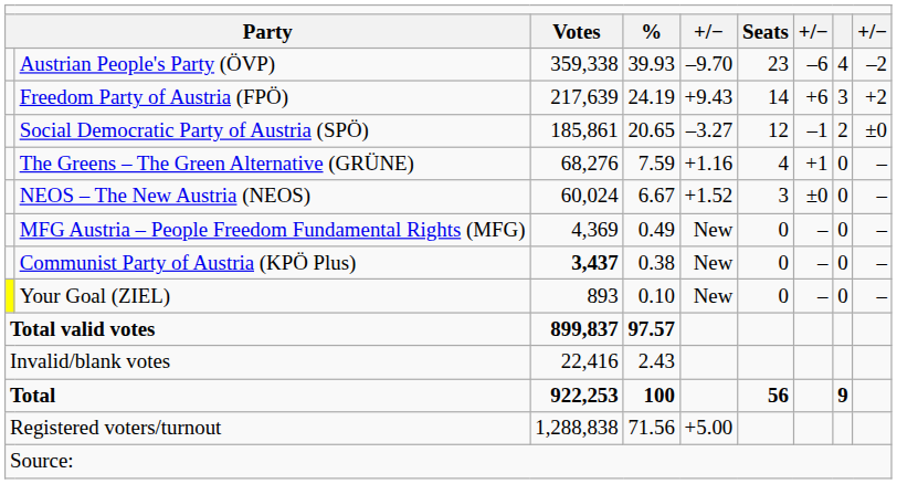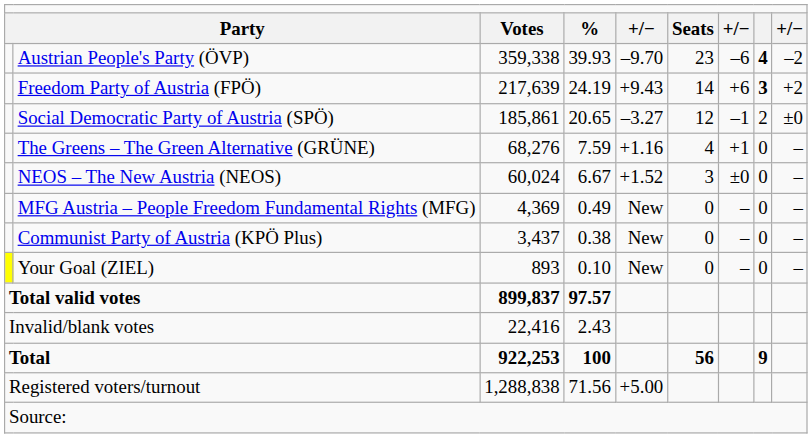 <table class=wikitable style=text-align:right>
 <tr>
 <td align=center colspan=9></td>
 </tr>
 <tr>
 <th colspan=2>Party</th>
 <th>Votes</th>
 <th>%</th>
 <th>+/−</th>
 <th>Seats</th>
 <th>+/−</th>
 <th></th>
 <th>+/−</th>
 </tr>
 <tr>
 <td bgcolor=></td>
 <td align=left><a href='#'>Austrian People's Party</a> (ÖVP)</td>
 <td>359,338</td>
 <td>39.93</td>
 <td>–9.70</td>
 <td>23</td>
 <td>–6</td>
-<td>4</td>
+<td><strong>4</strong></td>
 <td>–2</td>
 </tr>
 <tr>
 <td></td>
 <td align="left"><a href='#'>Freedom Party of Austria</a> (FPÖ)</td>
 <td>217,639</td>
 <td>24.19</td>
 <td>+9.43</td>
 <td>14</td>
 <td>+6</td>
-<td>3</td>
+<td><strong>3</strong></td>
 <td>+2</td>
 </tr>
 <tr>
 <td></td>
 <td align="left"><a href='#'>Social Democratic Party of Austria</a> (SPÖ)</td>
 <td>185,861</td>
 <td>20.65</td>
 <td>–3.27</td>
 <td>12</td>
 <td>–1</td>
 <td>2</td>
 <td>±0</td>
 </tr>
 <tr>
 <td bgcolor=></td>
 <td align=left><a href='#'>The Greens – The Green Alternative</a> (GRÜNE)</td>
 <td>68,276</td>
 <td>7.59</td>
 <td>+1.16</td>
 <td>4</td>
 <td>+1</td>
 <td>0</td>
 <td>–</td>
 </tr>
 <tr>
 <td bgcolor=></td>
 <td align=left><a href='#'>NEOS – The New Austria</a> (NEOS)</td>
 <td>60,024</td>
 <td>6.67</td>
 <td>+1.52</td>
 <td>3</td>
 <td>±0</td>
 <td>0</td>
 <td>–</td>
 </tr>
 <tr>
 <td bgcolor=></td>
 <td align=left><a href='#'>MFG Austria – People Freedom Fundamental Rights</a> (MFG)</td>
 <td>4,369</td>
 <td>0.49</td>
 <td>New</td>
 <td>0</td>
 <td>–</td>
 <td>0</td>
 <td>–</td>
 </tr>
 <tr>
 <td bgcolor=></td>
 <td align=left><a href='#'>Communist Party of Austria</a> (KPÖ Plus)</td>
-<td><strong>3,437</strong></td>
+<td>3,437</td>
 <td>0.38</td>
 <td>New</td>
 <td>0</td>
 <td>–</td>
 <td>0</td>
 <td>–</td>
 </tr>
 <tr>
 <td bgcolor=FFFF00></td>
 <td align=left>Your Goal (ZIEL)</td>
 <td>893</td>
 <td>0.10</td>
 <td>New</td>
 <td>0</td>
 <td>–</td>
 <td>0</td>
 <td>–</td>
 </tr>
 <tr>
 <td colspan=2 align=left><strong>Total valid votes</strong></td>
 <td><strong>899,837</strong></td>
 <td><strong>97.57</strong></td>
 <td></td>
 <td></td>
 <td></td>
 <td></td>
 <td></td>
 </tr>
 <tr>
 <td colspan=2 align=left>Invalid/blank votes</td>
 <td>22,416</td>
 <td>2.43</td>
 <td></td>
 <td></td>
 <td></td>
 <td></td>
 <td></td>
 </tr>
 <tr>
 <td colspan=2 align=left><strong>Total</strong></td>
 <td><strong>922,253</strong></td>
 <td><strong>100</strong></td>
 <td></td>
 <td><strong>56</strong></td>
 <td></td>
 <td><strong>9</strong></td>
 <td></td>
 </tr>
 <tr>
 <td align=left colspan=2>Registered voters/turnout</td>
 <td>1,288,838</td>
 <td>71.56</td>
 <td>+5.00</td>
 <td></td>
 <td></td>
 <td></td>
 <td></td>
 </tr>
 <tr>
 <td align=left colspan=9>Source: </td>
 </tr>
 </table>
